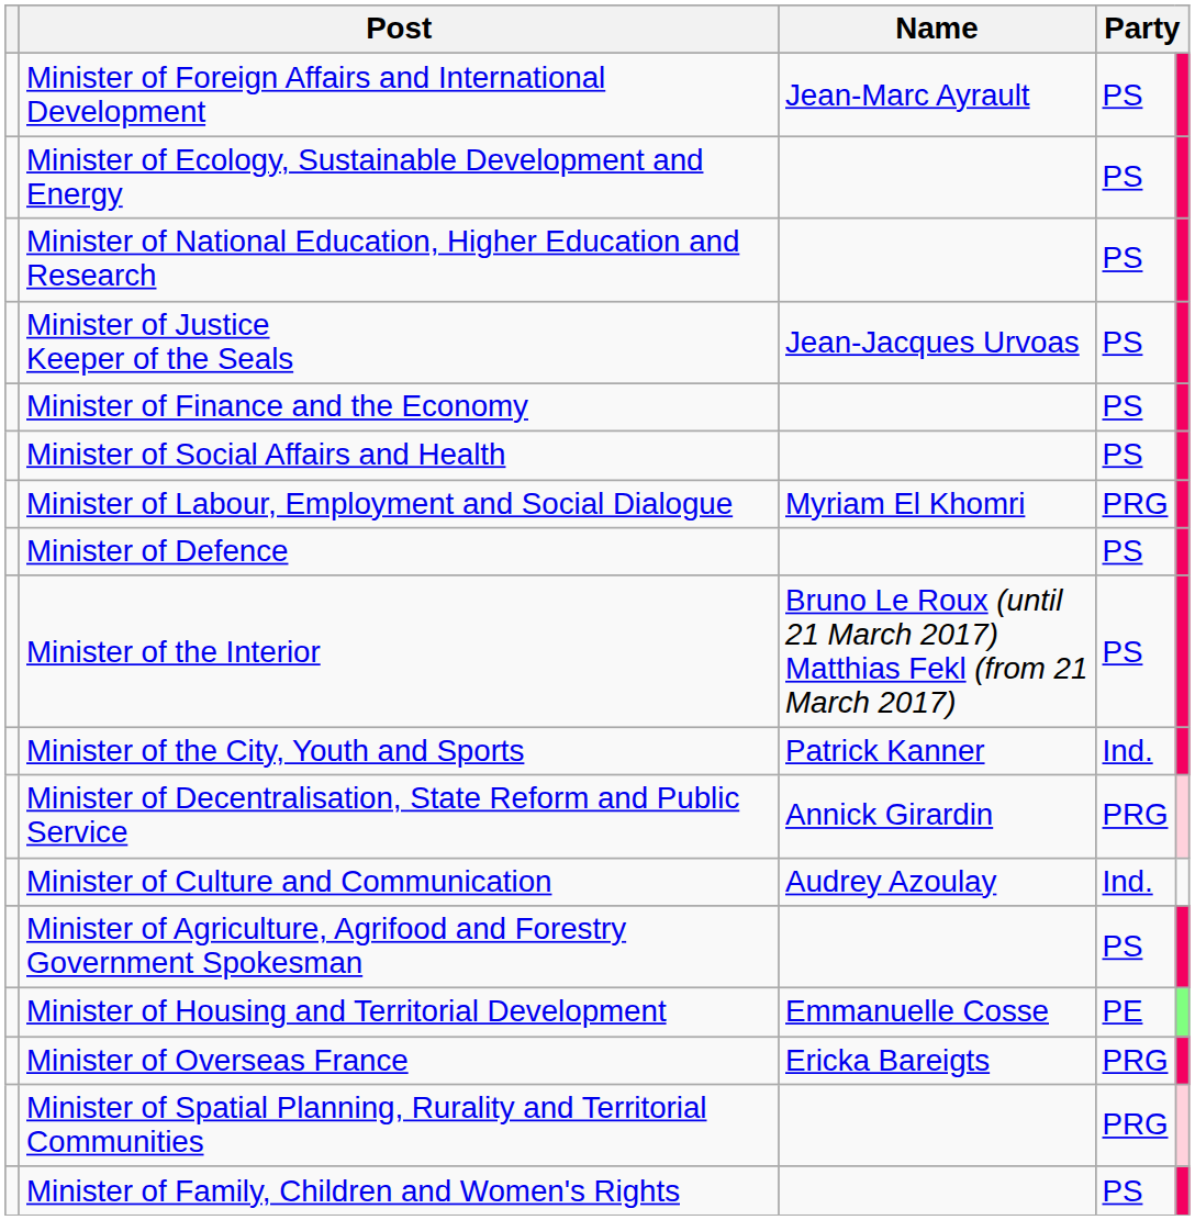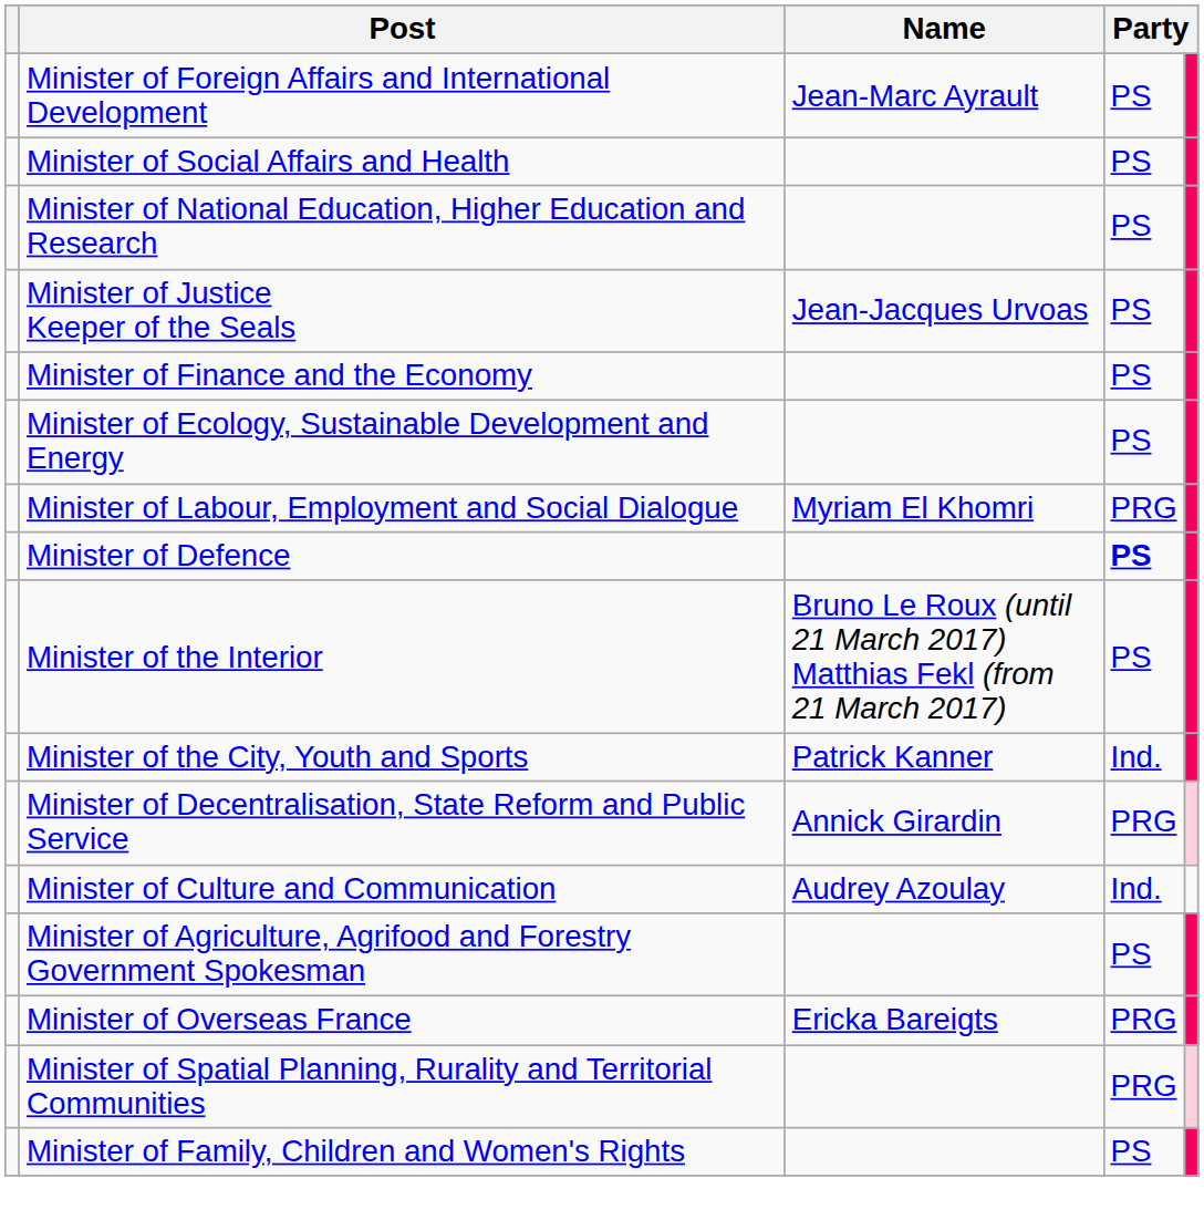 <table class="wikitable sortable" style="width:100%;">
 <tr>
 <th class="unsortable"></th>
 <th width=65%>Post</th>
 <th width=27%>Name</th>
 <th colspan="2" width="7%">Party</th>
 </tr>
 <tr>
 <td></td>
 <td><a href='#'>Minister of Foreign Affairs and International Development</a></td>
 <td><a href='#'>Jean-Marc Ayrault</a></td>
 <td><a href='#'>PS</a></td>
 <td style="width:1px;; background:#F40061;"></td>
 </tr>
 <tr>
 <td></td>
-<td><a href='#'>Minister of Ecology, Sustainable Development and Energy</a></td>
+<td><a href='#'>Minister of Social Affairs and Health</a></td>
 <td></td>
 <td><a href='#'>PS</a></td>
 <td style="width:1px;; background:#F40061;"></td>
 </tr>
 <tr>
 <td></td>
 <td><a href='#'>Minister of National Education, Higher Education and Research</a></td>
 <td></td>
 <td><a href='#'>PS</a></td>
 <td style="width:1px;; background:#F40061;"></td>
 </tr>
 <tr>
 <td></td>
 <td><a href='#'>Minister of Justice</a><br><a href='#'>Keeper of the Seals</a></td>
 <td><a href='#'>Jean-Jacques Urvoas</a></td>
 <td><a href='#'>PS</a></td>
 <td style="width:1px;; background:#F40061;"></td>
 </tr>
 <tr>
 <td></td>
 <td><a href='#'>Minister of Finance and the Economy</a></td>
 <td></td>
 <td><a href='#'>PS</a></td>
 <td style="width:1px;; background:#F40061;"></td>
 </tr>
 <tr>
 <td></td>
-<td><a href='#'>Minister of Social Affairs and Health</a></td>
+<td><a href='#'>Minister of Ecology, Sustainable Development and Energy</a></td>
 <td></td>
 <td><a href='#'>PS</a></td>
 <td style="width:1px;; background:#F40061;"></td>
 </tr>
 <tr>
 <td></td>
 <td><a href='#'>Minister of Labour, Employment and Social Dialogue</a></td>
 <td><a href='#'>Myriam El Khomri</a></td>
 <td><a href='#'>PRG</a></td>
 <td style="width:1px;; background:#F40061;"></td>
 </tr>
 <tr>
 <td></td>
 <td><a href='#'>Minister of Defence</a></td>
 <td></td>
-<td><a href='#'>PS</a></td>
+<td><strong><a href='#'>PS</a></strong></td>
 <td style="width:1px;; background:#F40061;"></td>
 </tr>
 <tr>
 <td></td>
 <td><a href='#'>Minister of the Interior</a></td>
 <td><a href='#'>Bruno Le Roux</a> <em>(until 21 March 2017)</em><br><a href='#'>Matthias Fekl</a> <em>(from 21 March 2017)</em></td>
 <td><a href='#'>PS</a></td>
 <td style="width:1px;; background:#F40061;"></td>
 </tr>
 <tr>
 <td></td>
 <td><a href='#'>Minister of the City, Youth and Sports</a></td>
 <td><a href='#'>Patrick Kanner</a></td>
 <td><a href='#'>Ind.</a></td>
 <td style="width:1px;; background:#F40061;"></td>
 </tr>
 <tr>
 <td></td>
 <td><a href='#'>Minister of Decentralisation, State Reform and Public Service</a></td>
 <td><a href='#'>Annick Girardin</a></td>
 <td><a href='#'>PRG</a></td>
 <td style="width:1px; background:#ffd1dc;"></td>
 </tr>
 <tr>
 <td></td>
 <td><a href='#'>Minister of Culture and Communication</a></td>
 <td><a href='#'>Audrey Azoulay</a></td>
 <td><a href='#'>Ind.</a></td>
 <td style="width:1px;; background:"></td>
 </tr>
 <tr>
 <td></td>
 <td><a href='#'>Minister of Agriculture, Agrifood and Forestry</a><br><a href='#'>Government Spokesman</a></td>
 <td></td>
 <td><a href='#'>PS</a></td>
 <td style="width:1px;; background:#F40061;"></td>
 </tr>
 <tr>
 <td></td>
-<td><a href='#'>Minister of Housing and Territorial Development</a></td>
-<td><a href='#'>Emmanuelle Cosse</a></td>
-<td><a href='#'>PE</a></td>
-<td style="width:1px;; background:#80FF80;"></td>
-</tr>
-<tr>
-<td></td>
 <td><a href='#'>Minister of Overseas France</a></td>
 <td><a href='#'>Ericka Bareigts</a></td>
 <td><a href='#'>PRG</a></td>
 <td style="width:1px;; background:#F40061;"></td>
 </tr>
 <tr>
 <td></td>
 <td><a href='#'>Minister of Spatial Planning, Rurality and Territorial Communities</a></td>
 <td></td>
 <td><a href='#'>PRG</a></td>
 <td style="width:1px; background:#ffd1dc;"></td>
 </tr>
 <tr>
 <td></td>
 <td><a href='#'>Minister of Family, Children and Women's Rights</a></td>
 <td></td>
 <td><a href='#'>PS</a></td>
 <td style="width:1px;; background:#F40061;"></td>
 </tr>
 </table>
